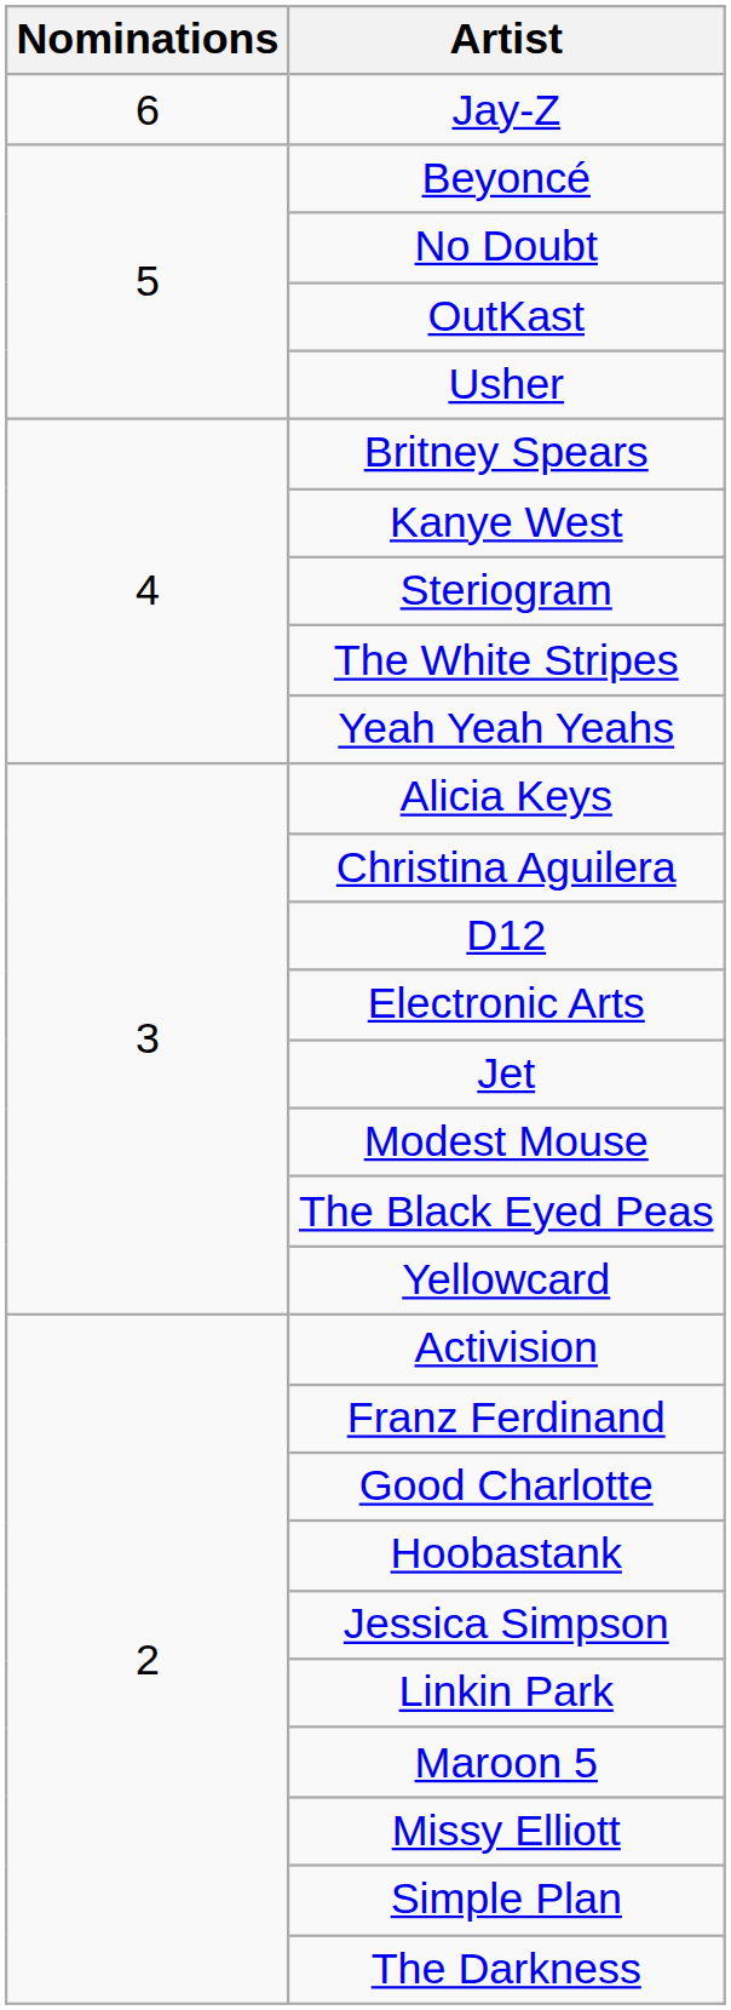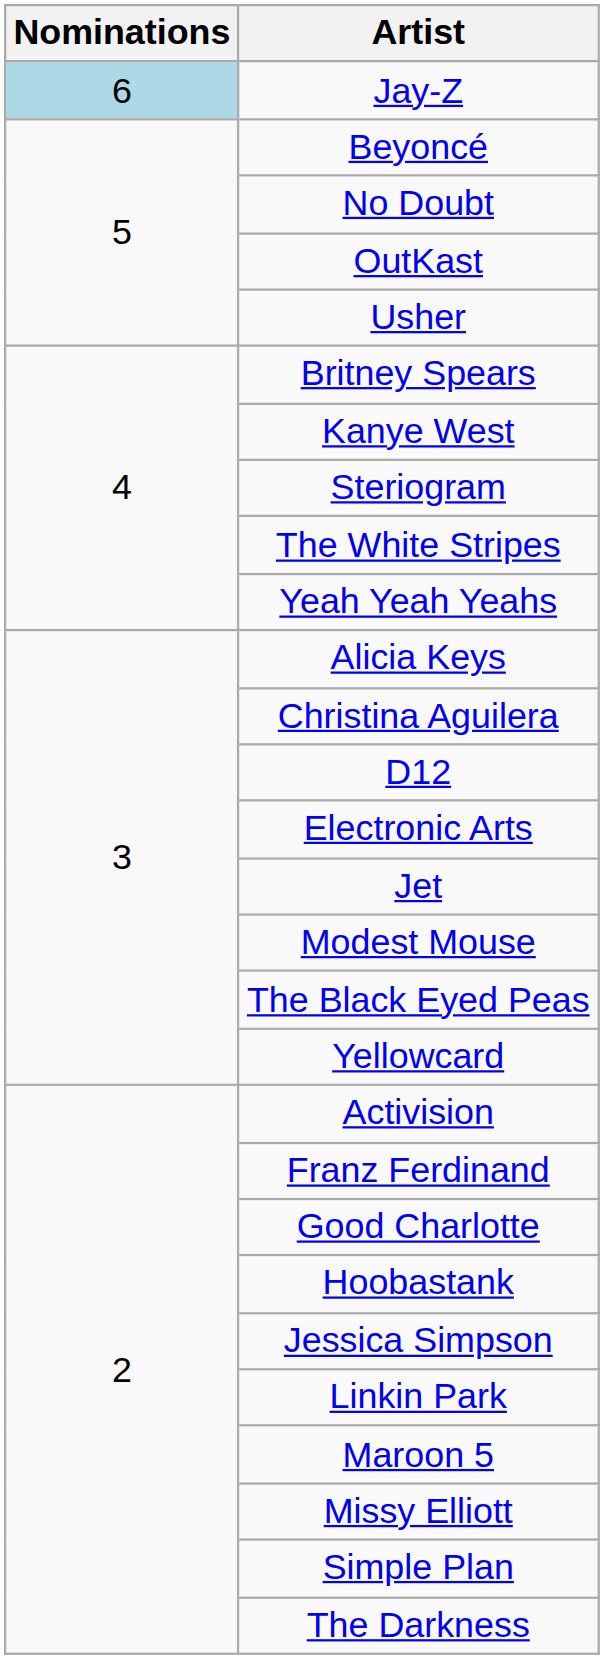 <table class="wikitable" rowspan="2" style="text-align:center">
 <tr>
 <th scope="col" style="width:55px;">Nominations</th>
 <th scope="col" style="text-align:center;">Artist</th>
 </tr>
 <tr>
-<td style="text-align:center">6</td>
+<td style="background: lightblue; text-align:center">6</td>
 <td><a href='#'>Jay-Z</a></td>
 </tr>
 <tr>
 <td rowspan="4" style="text-align:center">5</td>
 <td><a href='#'>Beyoncé</a></td>
 </tr>
 <tr>
 <td><a href='#'>No Doubt</a></td>
 </tr>
 <tr>
 <td><a href='#'>OutKast</a></td>
 </tr>
 <tr>
 <td><a href='#'>Usher</a></td>
 </tr>
 <tr>
 <td rowspan="5" style="text-align:center">4</td>
 <td><a href='#'>Britney Spears</a></td>
 </tr>
 <tr>
 <td><a href='#'>Kanye West</a></td>
 </tr>
 <tr>
 <td><a href='#'>Steriogram</a></td>
 </tr>
 <tr>
 <td><a href='#'>The White Stripes</a></td>
 </tr>
 <tr>
 <td><a href='#'>Yeah Yeah Yeahs</a></td>
 </tr>
 <tr>
 <td rowspan="8" style="text-align:center">3</td>
 <td><a href='#'>Alicia Keys</a></td>
 </tr>
 <tr>
 <td><a href='#'>Christina Aguilera</a></td>
 </tr>
 <tr>
 <td><a href='#'>D12</a></td>
 </tr>
 <tr>
 <td><a href='#'>Electronic Arts</a></td>
 </tr>
 <tr>
 <td><a href='#'>Jet</a></td>
 </tr>
 <tr>
 <td><a href='#'>Modest Mouse</a></td>
 </tr>
 <tr>
 <td><a href='#'>The Black Eyed Peas</a></td>
 </tr>
 <tr>
 <td><a href='#'>Yellowcard</a></td>
 </tr>
 <tr>
 <td rowspan="10" style="text-align:center">2</td>
 <td><a href='#'>Activision</a></td>
 </tr>
 <tr>
 <td><a href='#'>Franz Ferdinand</a></td>
 </tr>
 <tr>
 <td><a href='#'>Good Charlotte</a></td>
 </tr>
 <tr>
 <td><a href='#'>Hoobastank</a></td>
 </tr>
 <tr>
 <td><a href='#'>Jessica Simpson</a></td>
 </tr>
 <tr>
 <td><a href='#'>Linkin Park</a></td>
 </tr>
 <tr>
 <td><a href='#'>Maroon 5</a></td>
 </tr>
 <tr>
 <td><a href='#'>Missy Elliott</a></td>
 </tr>
 <tr>
 <td><a href='#'>Simple Plan</a></td>
 </tr>
 <tr>
 <td><a href='#'>The Darkness</a></td>
 </tr>
 </table>
